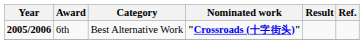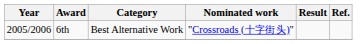 <table class="wikitable">
 <tr>
 <th>Year</th>
 <th>Award</th>
 <th>Category</th>
 <th>Nominated work</th>
 <th>Result</th>
 <th>Ref.</th>
 </tr>
 <tr>
-<td><strong>2005/2006</strong></td>
+<td>2005/2006</td>
 <td rowspan=1>6th</td>
 <td>Best Alternative Work</td>
-<td><strong>"<a href='#'>Crossroads (十字街头)</a>" <br></strong></td>
+<td>"<a href='#'>Crossroads (十字街头)</a>" <br></td>
 <td></td>
 <td rowspan=1></td>
 </tr>
 <tr>
 </tr>
 </table>
